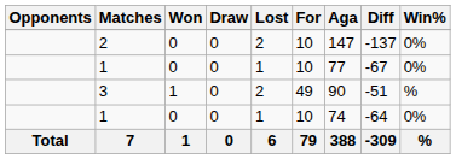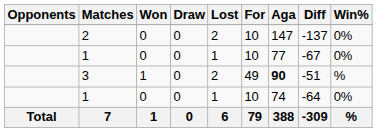 <table class="sortable wikitable">
 <tr>
 <th>Opponents</th>
 <th>Matches</th>
 <th>Won</th>
 <th>Draw</th>
 <th>Lost</th>
 <th>For</th>
 <th>Aga</th>
 <th>Diff</th>
 <th>Win%</th>
 </tr>
 <tr bgcolor="#d0ffd0" align="center">
 </tr>
 <tr>
 <td align="left"></td>
 <td>2</td>
 <td>0</td>
 <td>0</td>
 <td>2</td>
 <td>10</td>
 <td>147</td>
 <td>-137</td>
 <td>0%</td>
 </tr>
 <tr>
 <td align="left"></td>
 <td>1</td>
 <td>0</td>
 <td>0</td>
 <td>1</td>
 <td>10</td>
 <td>77</td>
 <td>-67</td>
 <td>0%</td>
 </tr>
 <tr>
 <td align="left"></td>
 <td>3</td>
 <td>1</td>
 <td>0</td>
 <td>2</td>
 <td>49</td>
-<td>90</td>
+<td><strong>90</strong></td>
 <td>-51</td>
 <td>%</td>
 </tr>
 <tr>
 <td align="left"></td>
 <td>1</td>
 <td>0</td>
 <td>0</td>
 <td>1</td>
 <td>10</td>
 <td>74</td>
 <td>-64</td>
 <td>0%</td>
 </tr>
 <tr>
 <th><strong>Total</strong></th>
 <th>7</th>
 <th>1</th>
 <th>0</th>
 <th>6</th>
 <th>79</th>
 <th>388</th>
 <th>-309</th>
 <th>%</th>
 </tr>
 </table>
